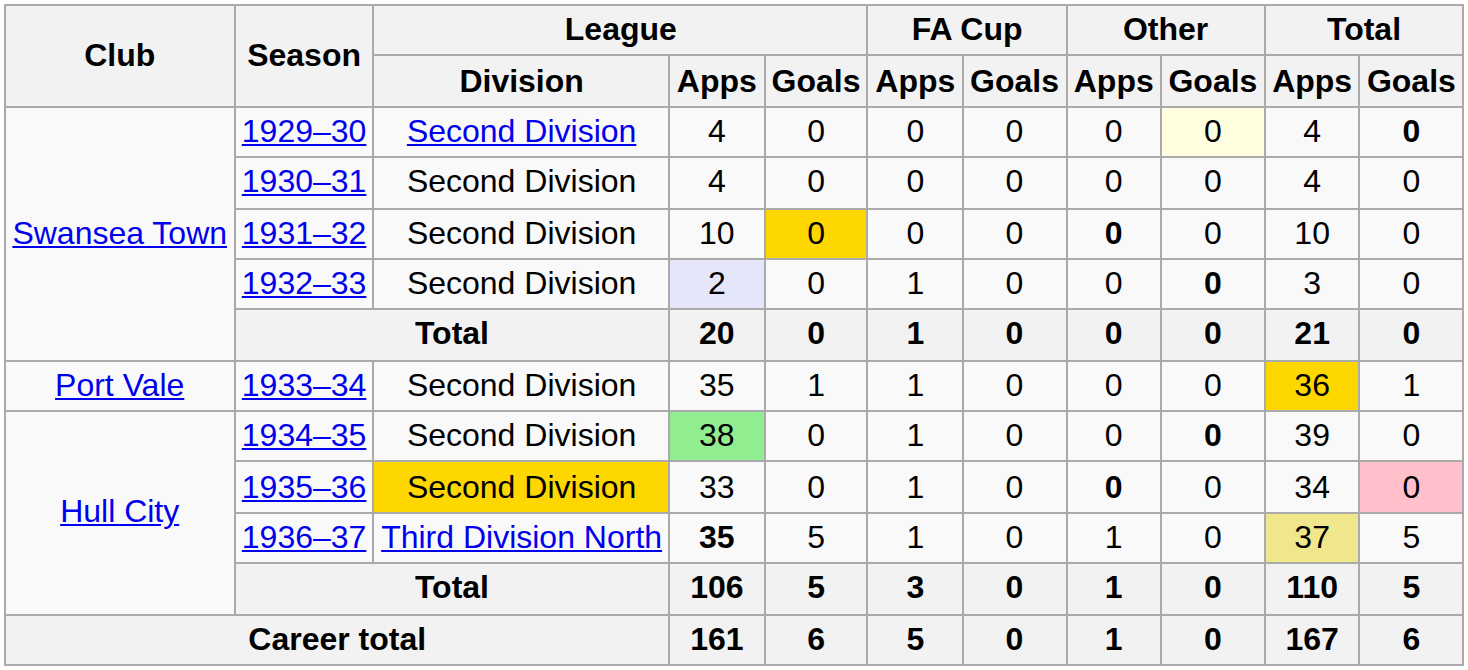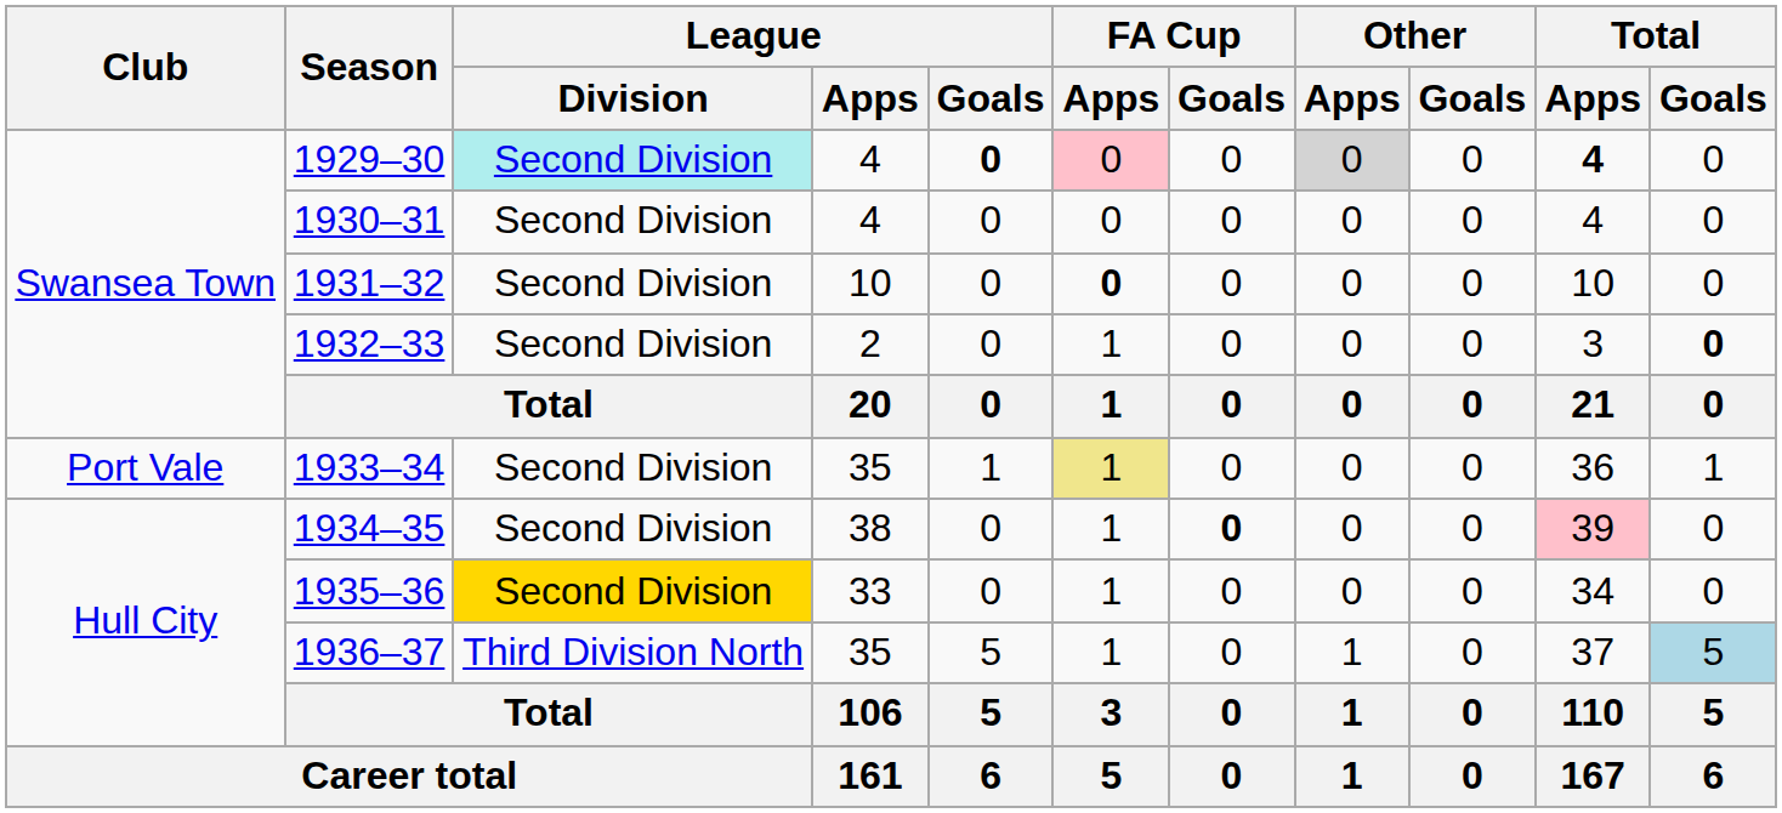 <table class="wikitable" style="text-align: center;">
 <tr>
 <th rowspan="2">Club</th>
 <th rowspan="2">Season</th>
 <th colspan="3">League</th>
 <th colspan="2">FA Cup</th>
 <th colspan="2">Other</th>
 <th colspan="2">Total</th>
 </tr>
 <tr>
 <th>Division</th>
 <th>Apps</th>
 <th>Goals</th>
 <th>Apps</th>
 <th>Goals</th>
 <th>Apps</th>
 <th>Goals</th>
 <th>Apps</th>
 <th>Goals</th>
 </tr>
 <tr>
 <td rowspan="5"><a href='#'>Swansea Town</a></td>
 <td><a href='#'>1929–30</a></td>
-<td><a href='#'>Second Division</a></td>
-<td>4</td>
-<td>0</td>
-<td>0</td>
-<td>0</td>
-<td>0</td>
-<td style="background: lightyellow;">0</td>
+<td style="background: paleturquoise;"><a href='#'>Second Division</a></td>
 <td>4</td>
 <td><strong>0</strong></td>
+<td style="background: pink;">0</td>
+<td>0</td>
+<td style="background: lightgrey;">0</td>
+<td>0</td>
+<td><strong>4</strong></td>
+<td>0</td>
 </tr>
 <tr>
 <td><a href='#'>1930–31</a></td>
 <td>Second Division</td>
 <td>4</td>
 <td>0</td>
 <td>0</td>
 <td>0</td>
 <td>0</td>
 <td>0</td>
 <td>4</td>
 <td>0</td>
 </tr>
 <tr>
 <td><a href='#'>1931–32</a></td>
 <td>Second Division</td>
 <td>10</td>
-<td style="background: gold;">0</td>
+<td>0</td>
+<td><strong>0</strong></td>
 <td>0</td>
 <td>0</td>
-<td><strong>0</strong></td>
 <td>0</td>
 <td>10</td>
 <td>0</td>
 </tr>
 <tr>
 <td><a href='#'>1932–33</a></td>
 <td>Second Division</td>
-<td style="background: lavender;">2</td>
+<td>2</td>
 <td>0</td>
 <td>1</td>
 <td>0</td>
 <td>0</td>
+<td>0</td>
+<td>3</td>
 <td><strong>0</strong></td>
-<td>3</td>
-<td>0</td>
 </tr>
 <tr>
 <th colspan="2">Total</th>
 <th>20</th>
 <th>0</th>
 <th>1</th>
 <th>0</th>
 <th>0</th>
 <th>0</th>
 <th>21</th>
 <th>0</th>
 </tr>
 <tr>
 <td><a href='#'>Port Vale</a></td>
 <td><a href='#'>1933–34</a></td>
 <td>Second Division</td>
 <td>35</td>
 <td>1</td>
-<td>1</td>
+<td style="background: khaki;">1</td>
 <td>0</td>
 <td>0</td>
 <td>0</td>
-<td style="background: gold;">36</td>
+<td>36</td>
 <td>1</td>
 </tr>
 <tr>
 <td rowspan="4"><a href='#'>Hull City</a></td>
 <td><a href='#'>1934–35</a></td>
 <td>Second Division</td>
-<td style="background: lightgreen;">38</td>
+<td>38</td>
 <td>0</td>
 <td>1</td>
+<td><strong>0</strong></td>
 <td>0</td>
 <td>0</td>
-<td><strong>0</strong></td>
-<td>39</td>
+<td style="background: pink;">39</td>
 <td>0</td>
 </tr>
 <tr>
 <td><a href='#'>1935–36</a></td>
 <td style="background: gold;">Second Division</td>
 <td>33</td>
 <td>0</td>
 <td>1</td>
 <td>0</td>
-<td><strong>0</strong></td>
+<td>0</td>
 <td>0</td>
 <td>34</td>
-<td style="background: pink;">0</td>
+<td>0</td>
 </tr>
 <tr>
 <td><a href='#'>1936–37</a></td>
 <td><a href='#'>Third Division North</a></td>
-<td><strong>35</strong></td>
+<td>35</td>
 <td>5</td>
 <td>1</td>
 <td>0</td>
 <td>1</td>
 <td>0</td>
-<td style="background: khaki;">37</td>
-<td>5</td>
+<td>37</td>
+<td style="background: lightblue;">5</td>
 </tr>
 <tr>
 <th colspan="2">Total</th>
 <th>106</th>
 <th>5</th>
 <th>3</th>
 <th>0</th>
 <th>1</th>
 <th>0</th>
 <th>110</th>
 <th>5</th>
 </tr>
 <tr>
 <th colspan="3">Career total</th>
 <th>161</th>
 <th>6</th>
 <th>5</th>
 <th>0</th>
 <th>1</th>
 <th>0</th>
 <th>167</th>
 <th>6</th>
 </tr>
 </table>
